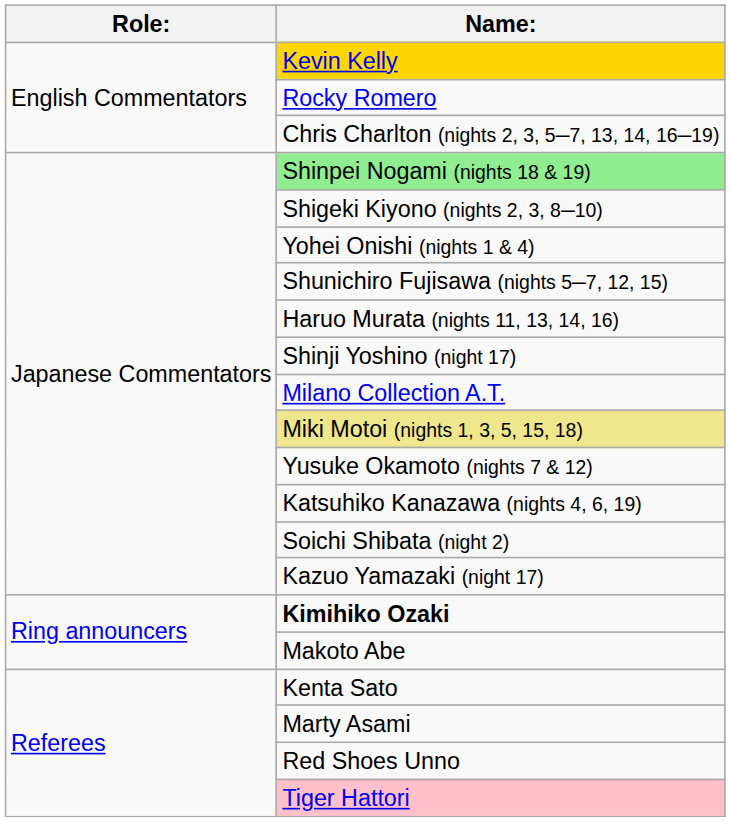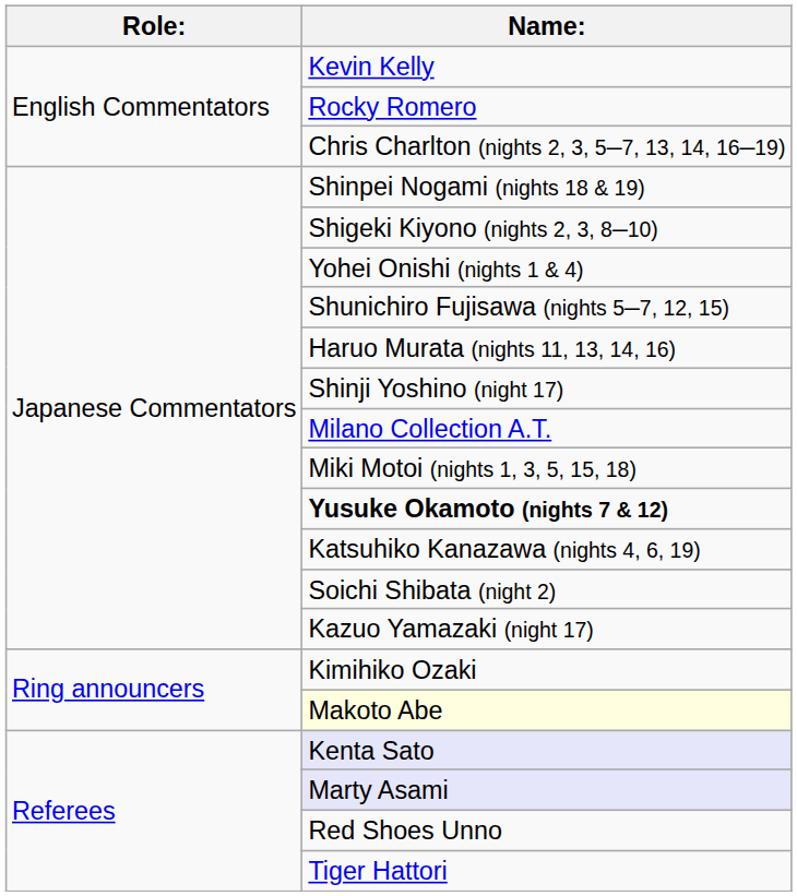 <table class=wikitable style="font-size:90%; margin: 0.5em 0 0.5em 1em; float: right; clear: right;">
 <tr>
 <th>Role:</th>
 <th>Name:</th>
 </tr>
 <tr>
 <td rowspan=3>English Commentators</td>
-<td style="background: gold;"><a href='#'>Kevin Kelly</a></td>
+<td><a href='#'>Kevin Kelly</a></td>
 </tr>
 <tr>
 <td><a href='#'>Rocky Romero</a></td>
 </tr>
 <tr>
 <td>Chris Charlton <small>(nights 2, 3, 5─7, 13, 14, 16─19)</small></td>
 </tr>
 <tr>
 <td rowspan=12>Japanese Commentators</td>
-<td style="background: lightgreen;">Shinpei Nogami <small>(nights 18 & 19)</small></td>
+<td>Shinpei Nogami <small>(nights 18 & 19)</small></td>
 </tr>
 <tr>
 <td>Shigeki Kiyono <small>(nights 2, 3, 8─10)</small></td>
 </tr>
 <tr>
 <td>Yohei Onishi <small>(nights 1 & 4)</small></td>
 </tr>
 <tr>
 <td>Shunichiro Fujisawa <small>(nights 5─7, 12, 15)</small></td>
 </tr>
 <tr>
 <td>Haruo Murata <small>(nights 11, 13, 14, 16)</small></td>
 </tr>
 <tr>
 <td>Shinji Yoshino <small>(night 17)</small></td>
 </tr>
 <tr>
 <td><a href='#'>Milano Collection A.T.</a></td>
 </tr>
 <tr>
-<td style="background: khaki;">Miki Motoi <small>(nights 1, 3, 5, 15, 18)</small></td>
+<td>Miki Motoi <small>(nights 1, 3, 5, 15, 18)</small></td>
 </tr>
 <tr>
-<td>Yusuke Okamoto <small>(nights 7 & 12)</small></td>
+<td><strong>Yusuke Okamoto <small>(nights 7 & 12)</small></strong></td>
 </tr>
 <tr>
 <td>Katsuhiko Kanazawa <small>(nights 4, 6, 19)</small></td>
 </tr>
 <tr>
 <td>Soichi Shibata <small>(night 2)</small></td>
 </tr>
 <tr>
 <td>Kazuo Yamazaki <small>(night 17)</small></td>
 </tr>
 <tr>
 <td rowspan=2><a href='#'>Ring announcers</a></td>
-<td><strong>Kimihiko Ozaki</strong></td>
+<td>Kimihiko Ozaki</td>
 </tr>
 <tr>
-<td>Makoto Abe</td>
+<td style="background: lightyellow;">Makoto Abe</td>
 </tr>
 <tr>
 <td rowspan=4><a href='#'>Referees</a></td>
-<td>Kenta Sato</td>
+<td style="background: lavender;">Kenta Sato</td>
 </tr>
 <tr>
-<td>Marty Asami</td>
+<td style="background: lavender;">Marty Asami</td>
 </tr>
 <tr>
 <td>Red Shoes Unno</td>
 </tr>
 <tr>
-<td style="background: pink;"><a href='#'>Tiger Hattori</a></td>
+<td><a href='#'>Tiger Hattori</a></td>
 </tr>
 <tr>
 </tr>
 </table>
